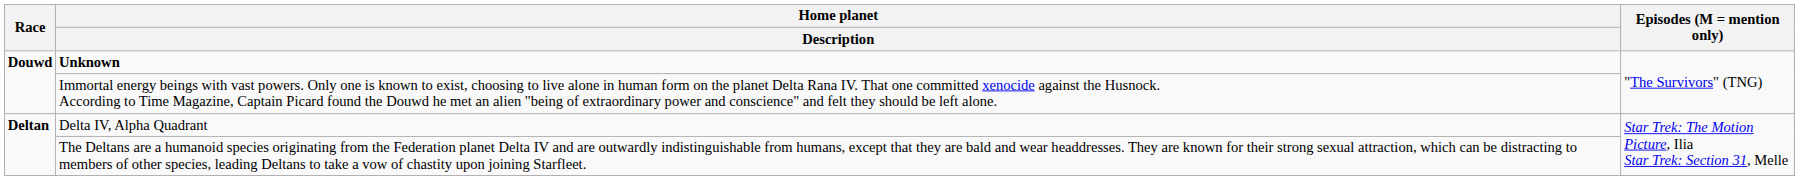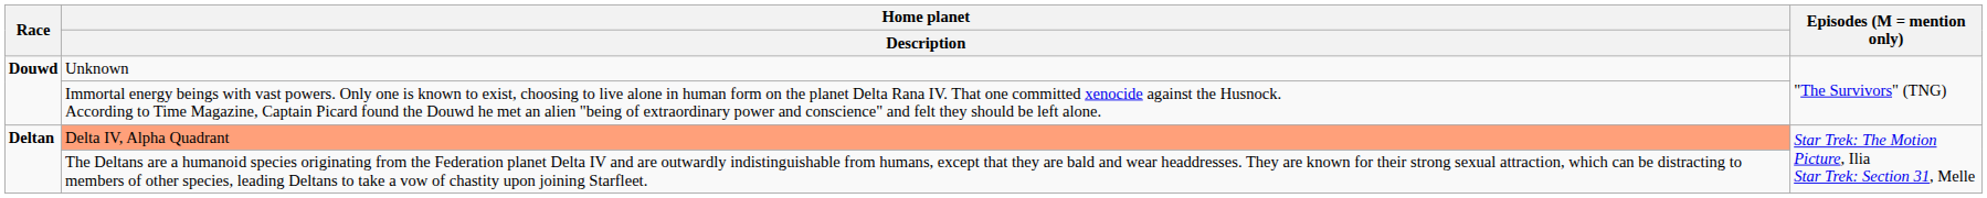 <table class="wikitable">
 <tr>
 <th rowspan="2">Race</th>
 <th>Home planet</th>
 <th rowspan="2">Episodes (M = mention only)</th>
 </tr>
 <tr>
 <th>Description</th>
 </tr>
 <tr>
 <td rowspan="2" style="vertical-align: top;"><strong>Douwd</strong> </td>
-<td><strong>Unknown</strong></td>
+<td>Unknown</td>
 <td rowspan="2">"<a href='#'>The Survivors</a>" (TNG)</td>
 </tr>
 <tr>
 <td>Immortal energy beings with vast powers. Only one is known to exist, choosing to live alone in human form on the planet Delta Rana IV. That one committed <a href='#'>xenocide</a> against the Husnock.<br>According to Time Magazine, Captain Picard found the Douwd he met an alien "being of extraordinary power and conscience" and felt they should be left alone.</td>
 </tr>
 <tr>
 <td rowspan="2" style="vertical-align: top;"><strong>Deltan</strong> </td>
-<td>Delta IV, Alpha Quadrant</td>
+<td style="background: lightsalmon;">Delta IV, Alpha Quadrant</td>
 <td rowspan="2"><em><a href='#'>Star Trek: The Motion Picture</a></em>, Ilia<br><em><a href='#'>Star Trek: Section 31</a></em>, Melle</td>
 </tr>
 <tr>
 <td>The Deltans are a humanoid species originating from the Federation planet Delta IV and are outwardly indistinguishable from humans, except that they are bald and wear headdresses. They are known for their strong sexual attraction, which can be distracting to members of other species, leading Deltans to take a vow of chastity upon joining Starfleet.</td>
 </tr>
 </table>
